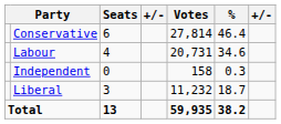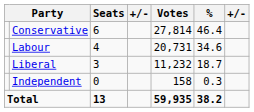 <table class="wikitable sortable">
 <tr>
 <th colspan="2">Party</th>
 <th>Seats</th>
 <th>+/-</th>
 <th>Votes</th>
 <th>%</th>
 <th>+/-</th>
 </tr>
 <tr>
 <td style="background-color: "></td>
 <td><a href='#'>Conservative</a></td>
 <td>6</td>
 <td></td>
 <td style="text-align:right;">27,814</td>
 <td style="text-align:right;">46.4</td>
 <td style="text-align:right;"></td>
 </tr>
 <tr>
 <td style="background-color: "></td>
 <td><a href='#'>Labour</a></td>
 <td>4</td>
 <td></td>
 <td style="text-align:right;">20,731</td>
 <td style="text-align:right;">34.6</td>
 <td style="text-align:right;"></td>
 </tr>
 <tr>
 <td style="background-color: "></td>
+<td><a href='#'>Liberal</a></td>
+<td>3</td>
+<td></td>
+<td style="text-align:right;">11,232</td>
+<td style="text-align:right;">18.7</td>
+<td style="text-align:right;"></td>
+</tr>
+<tr>
+<td style="background-color: "></td>
 <td><a href='#'>Independent</a></td>
 <td>0</td>
 <td></td>
 <td style="text-align:right;">158</td>
 <td style="text-align:right;">0.3</td>
-<td style="text-align:right;"></td>
-</tr>
-<tr>
-<td style="background-color: "></td>
-<td><a href='#'>Liberal</a></td>
-<td>3</td>
-<td></td>
-<td style="text-align:right;">11,232</td>
-<td style="text-align:right;">18.7</td>
 <td style="text-align:right;"></td>
 </tr>
 <tr>
 <td colspan="2"><strong>Total</strong></td>
 <td><strong>13</strong></td>
 <td></td>
 <td style="text-align:right;"><strong>59,935</strong></td>
 <td style="text-align:right;"><strong>38.2</strong></td>
 <td></td>
 </tr>
 </table>
